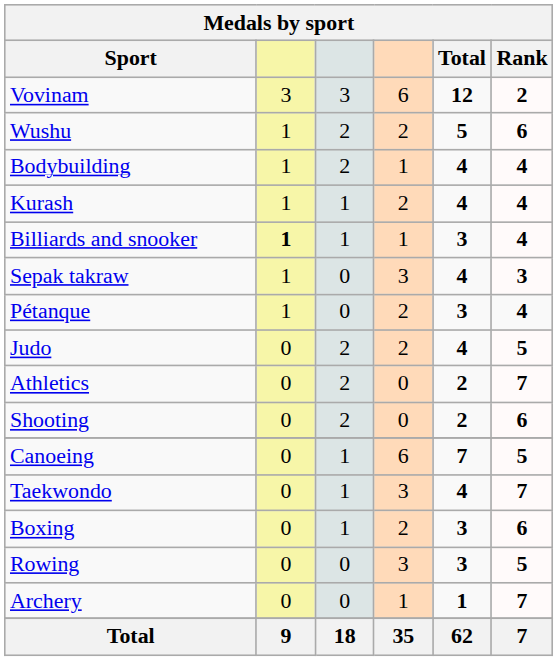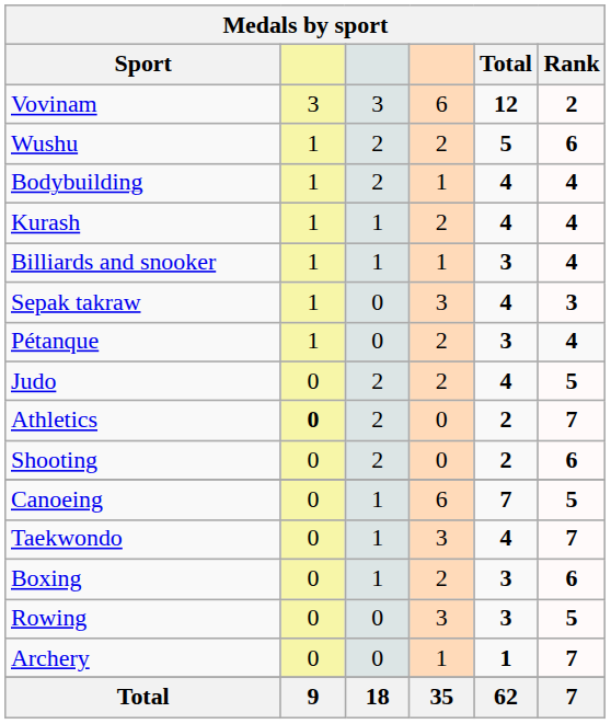 <table class="wikitable" style=font-size:85%;float:center;text-align:center>
 <tr>
 <th colspan=6><strong>Medals by sport</strong></th>
 </tr>
 <tr>
 <th width=150>Sport</th>
 <th scope="col" width=30 style="background:#F7F6A8;"></th>
 <th scope="col" width=30 style="background:#DCE5E5;"></th>
 <th scope="col" width=30 style="background:#FFDAB9;"></th>
 <th width=30>Total</th>
 <th width=30>Rank</th>
 </tr>
 <tr>
 <td align=left><a href='#'>Vovinam</a></td>
 <td style="background:#F7F6A8;">3</td>
 <td style="background:#DCE5E5;">3</td>
 <td style="background:#FFDAB9;">6</td>
 <td><strong>12</strong></td>
 <td style="background:#FFFAFA;"><strong>2</strong></td>
 </tr>
 <tr>
 <td align=left><a href='#'>Wushu</a></td>
 <td style="background:#F7F6A8;">1</td>
 <td style="background:#DCE5E5;">2</td>
 <td style="background:#FFDAB9;">2</td>
 <td><strong>5</strong></td>
 <td style="background:#FFFAFA;"><strong>6</strong></td>
 </tr>
 <tr>
 <td align=left><a href='#'>Bodybuilding</a></td>
 <td style="background:#F7F6A8;">1</td>
 <td style="background:#DCE5E5;">2</td>
 <td style="background:#FFDAB9;">1</td>
 <td><strong>4</strong></td>
 <td style="background:#FFFAFA;"><strong>4</strong></td>
 </tr>
 <tr>
 <td align=left><a href='#'>Kurash</a></td>
 <td style="background:#F7F6A8;">1</td>
 <td style="background:#DCE5E5;">1</td>
 <td style="background:#FFDAB9;">2</td>
 <td><strong>4</strong></td>
 <td style="background:#FFFAFA;"><strong>4</strong></td>
 </tr>
 <tr>
 <td align=left><a href='#'>Billiards and snooker</a></td>
-<td style="background:#F7F6A8;"><strong>1</strong></td>
+<td style="background:#F7F6A8;">1</td>
 <td style="background:#DCE5E5;">1</td>
 <td style="background:#FFDAB9;">1</td>
 <td><strong>3</strong></td>
 <td style="background:#FFFAFA;"><strong>4</strong></td>
 </tr>
 <tr>
 <td align="left"><a href='#'>Sepak takraw</a></td>
 <td style="background:#F7F6A8;">1</td>
 <td style="background:#DCE5E5;">0</td>
 <td style="background:#FFDAB9;">3</td>
 <td><strong>4</strong></td>
 <td style="background:#FFFAFA;"><strong>3</strong></td>
 </tr>
 <tr>
 <td align=left><a href='#'>Pétanque</a></td>
 <td style="background:#F7F6A8;">1</td>
 <td style="background:#DCE5E5;">0</td>
 <td style="background:#FFDAB9;">2</td>
 <td><strong>3</strong></td>
 <td><strong>4</strong></td>
 </tr>
 <tr>
 <td align="left"><a href='#'>Judo</a></td>
 <td style="background:#F7F6A8;">0</td>
 <td style="background:#DCE5E5;">2</td>
 <td style="background:#FFDAB9;">2</td>
 <td><strong>4</strong></td>
 <td style="background:#FFFAFA;"><strong>5</strong></td>
 </tr>
 <tr>
 <td align=left><a href='#'>Athletics</a></td>
-<td style="background:#F7F6A8;">0</td>
+<td style="background:#F7F6A8;"><strong>0</strong></td>
 <td style="background:#DCE5E5;">2</td>
 <td style="background:#FFDAB9;">0</td>
 <td><strong>2</strong></td>
 <td style="background:#FFFAFA;"><strong>7</strong></td>
 </tr>
 <tr>
 <td align=left><a href='#'>Shooting</a></td>
 <td style="background:#F7F6A8;">0</td>
 <td style="background:#DCE5E5;">2</td>
 <td style="background:#FFDAB9;">0</td>
 <td><strong>2</strong></td>
 <td style="background:#FFFAFA;"><strong>6</strong></td>
 </tr>
 <tr>
 </tr>
 <tr>
 <td align="left"><a href='#'>Canoeing</a></td>
 <td style="background:#F7F6A8;">0</td>
 <td style="background:#DCE5E5;">1</td>
 <td style="background:#FFDAB9;">6</td>
 <td><strong>7</strong></td>
 <td style="background:#FFFAFA;"><strong>5</strong></td>
 </tr>
 <tr>
 <td align="left"><a href='#'>Taekwondo</a></td>
 <td style="background:#F7F6A8;">0</td>
 <td style="background:#DCE5E5;">1</td>
 <td style="background:#FFDAB9;">3</td>
 <td><strong>4</strong></td>
 <td style="background:#FFFAFA;"><strong>7</strong></td>
 </tr>
 <tr>
 <td align=left><a href='#'>Boxing</a></td>
 <td style="background:#F7F6A8;">0</td>
 <td style="background:#DCE5E5;">1</td>
 <td style="background:#FFDAB9;">2</td>
 <td><strong>3</strong></td>
 <td style="background:#FFFAFA;"><strong>6</strong></td>
 </tr>
 <tr>
 <td align=left><a href='#'>Rowing</a></td>
 <td style="background:#F7F6A8;">0</td>
 <td style="background:#DCE5E5;">0</td>
 <td style="background:#FFDAB9;">3</td>
 <td><strong>3</strong></td>
 <td style="background:#FFFAFA;"><strong>5</strong></td>
 </tr>
 <tr>
 <td align=left><a href='#'>Archery</a></td>
 <td style="background:#F7F6A8;">0</td>
 <td style="background:#DCE5E5;">0</td>
 <td style="background:#FFDAB9;">1</td>
 <td><strong>1</strong></td>
 <td style="background:#FFFAFA;"><strong>7</strong></td>
 </tr>
 <tr>
 </tr>
 <tr class="sortbottom">
 <th>Total</th>
 <th>9</th>
 <th>18</th>
 <th>35</th>
 <th>62</th>
 <th>7</th>
 </tr>
 </table>
